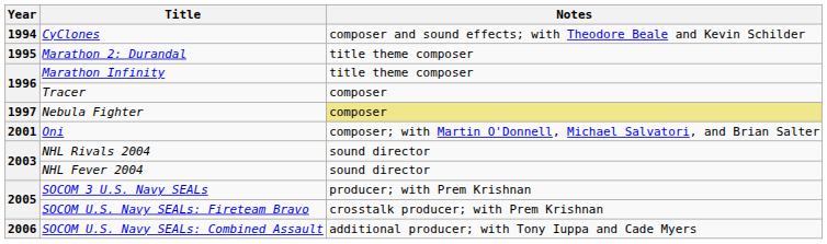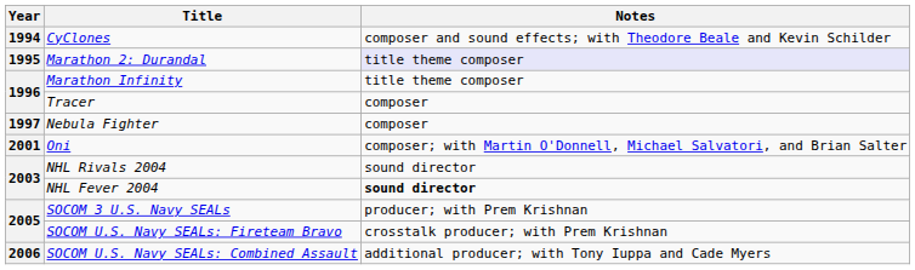 <table class="wikitable sortable">
 <tr>
 <th>Year</th>
 <th>Title</th>
 <th class="unsortable">Notes</th>
 </tr>
 <tr>
 <th rowspan="1">1994</th>
 <td><em><a href='#'>CyClones</a></em></td>
 <td>composer and sound effects; with <a href='#'>Theodore Beale</a> and Kevin Schilder</td>
 </tr>
 <tr>
 <th rowspan="1">1995</th>
 <td><em><a href='#'>Marathon 2: Durandal</a></em></td>
-<td>title theme composer</td>
+<td style="background: lavender;">title theme composer</td>
 </tr>
 <tr>
 <th rowspan="2">1996</th>
 <td><em><a href='#'>Marathon Infinity</a></em></td>
 <td>title theme composer</td>
 </tr>
 <tr>
 <td><em>Tracer</em></td>
 <td>composer</td>
 </tr>
 <tr>
 <th rowspan="1">1997</th>
 <td><em>Nebula Fighter</em></td>
-<td style="background: khaki;">composer</td>
+<td>composer</td>
 </tr>
 <tr>
 <th rowspan="1">2001</th>
 <td><em><a href='#'>Oni</a></em></td>
 <td>composer; with <a href='#'>Martin O'Donnell</a>, <a href='#'>Michael Salvatori</a>, and Brian Salter</td>
 </tr>
 <tr>
 <th rowspan="2">2003</th>
 <td><em>NHL Rivals 2004</em></td>
 <td>sound director</td>
 </tr>
 <tr>
 <td><em>NHL Fever 2004</em></td>
-<td>sound director</td>
+<td><strong>sound director</strong></td>
 </tr>
 <tr>
 <th rowspan="2">2005</th>
 <td><em><a href='#'>SOCOM 3 U.S. Navy SEALs</a></em></td>
 <td>producer; with Prem Krishnan</td>
 </tr>
 <tr>
 <td><em><a href='#'>SOCOM U.S. Navy SEALs: Fireteam Bravo</a></em></td>
 <td>crosstalk producer; with Prem Krishnan</td>
 </tr>
 <tr>
 <th rowspan="1">2006</th>
 <td><em><a href='#'>SOCOM U.S. Navy SEALs: Combined Assault</a></em></td>
 <td>additional producer; with Tony Iuppa and Cade Myers</td>
 </tr>
 </table>
